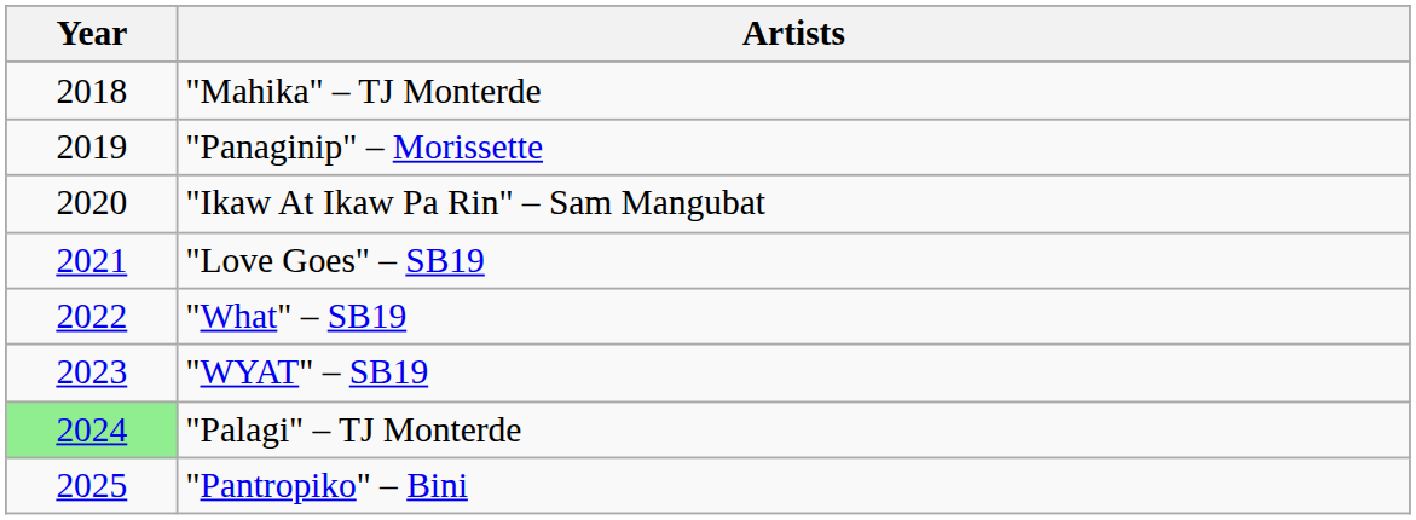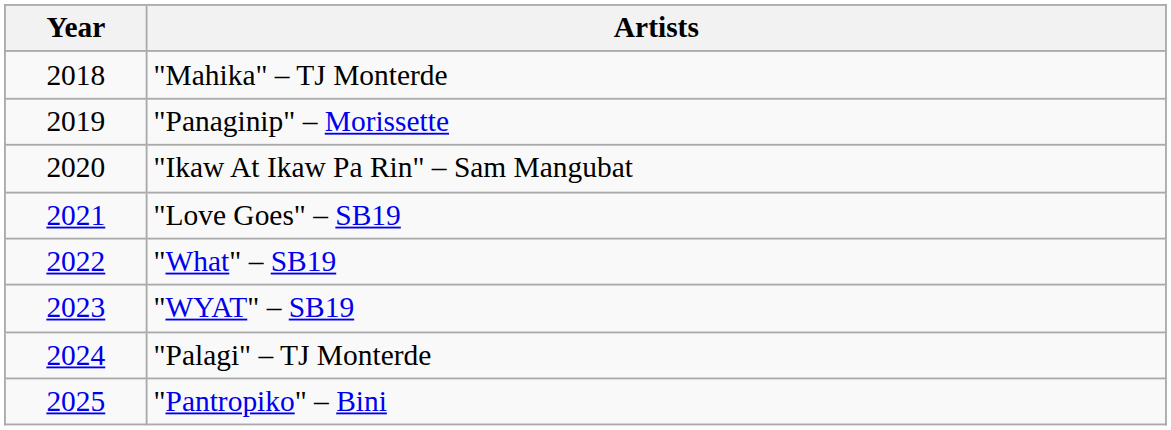 <table class="wikitable sortable"  style="width:50%;">
 <tr>
 <th width=5%  scope="col">Year</th>
 <th ! width=40%  scope="col">Artists</th>
 </tr>
 <tr>
 <td align="center">2018</td>
 <td>"Mahika" – TJ Monterde</td>
 </tr>
 <tr>
 <td align="center">2019</td>
 <td>"Panaginip" – <a href='#'>Morissette</a></td>
 </tr>
 <tr>
 <td align="center">2020</td>
 <td>"Ikaw At Ikaw Pa Rin" – Sam Mangubat</td>
 </tr>
 <tr>
 <td align="center"><a href='#'>2021</a></td>
 <td>"Love Goes" – <a href='#'>SB19</a></td>
 </tr>
 <tr>
 <td align="center"><a href='#'>2022</a></td>
 <td>"<a href='#'>What</a>" – <a href='#'>SB19</a></td>
 </tr>
 <tr>
 <td align="center"><a href='#'>2023</a></td>
 <td>"<a href='#'>WYAT</a>" – <a href='#'>SB19</a></td>
 </tr>
 <tr>
-<td align="center" style="background: lightgreen;"><a href='#'>2024</a></td>
+<td align="center"><a href='#'>2024</a></td>
 <td>"Palagi" – TJ Monterde</td>
 </tr>
 <tr>
 <td align="center"><a href='#'>2025</a></td>
 <td>"<a href='#'>Pantropiko</a>" – <a href='#'>Bini</a></td>
 </tr>
 </table>
